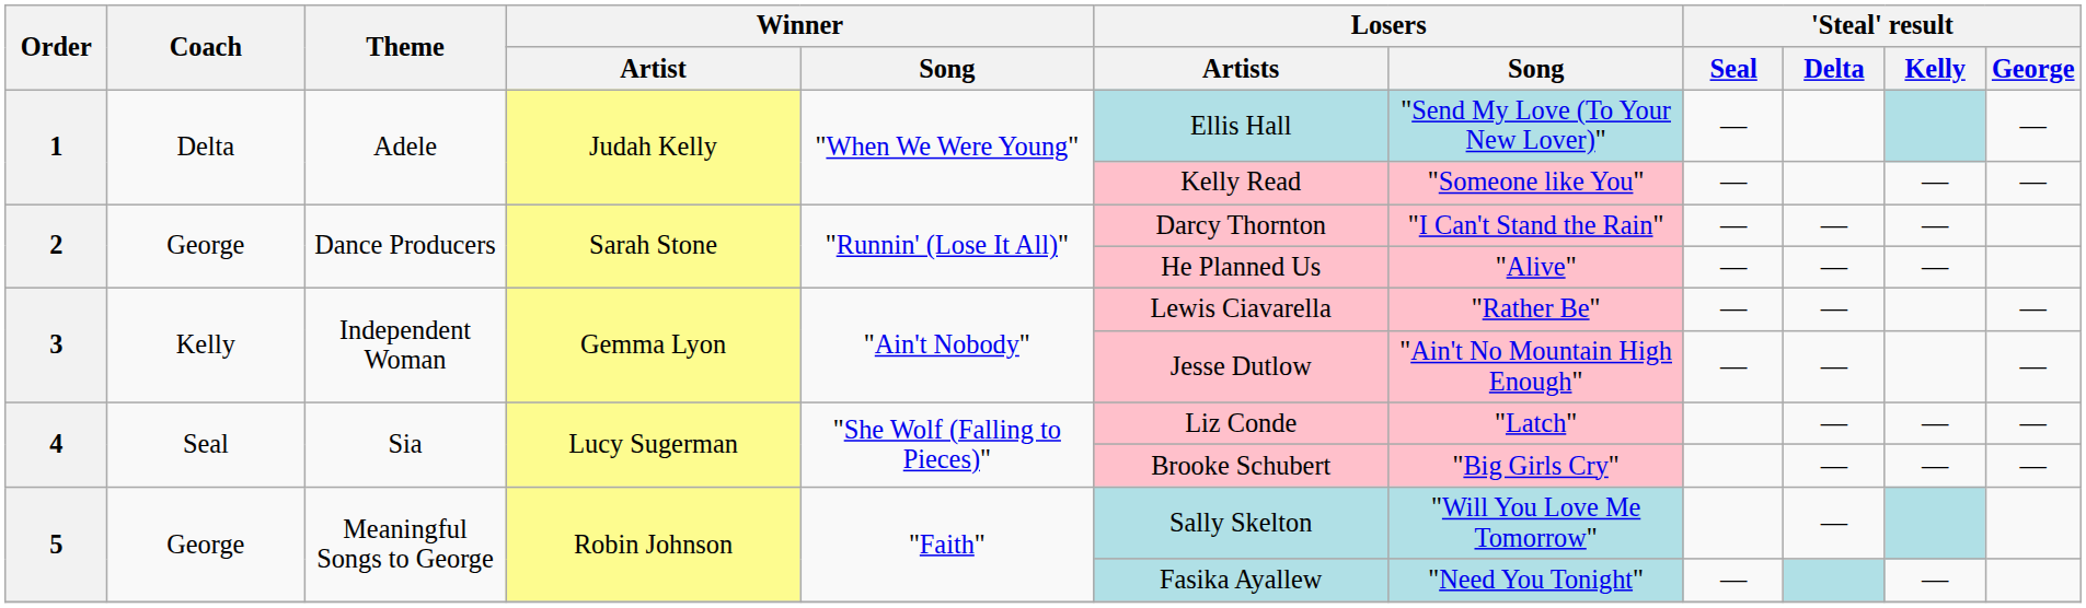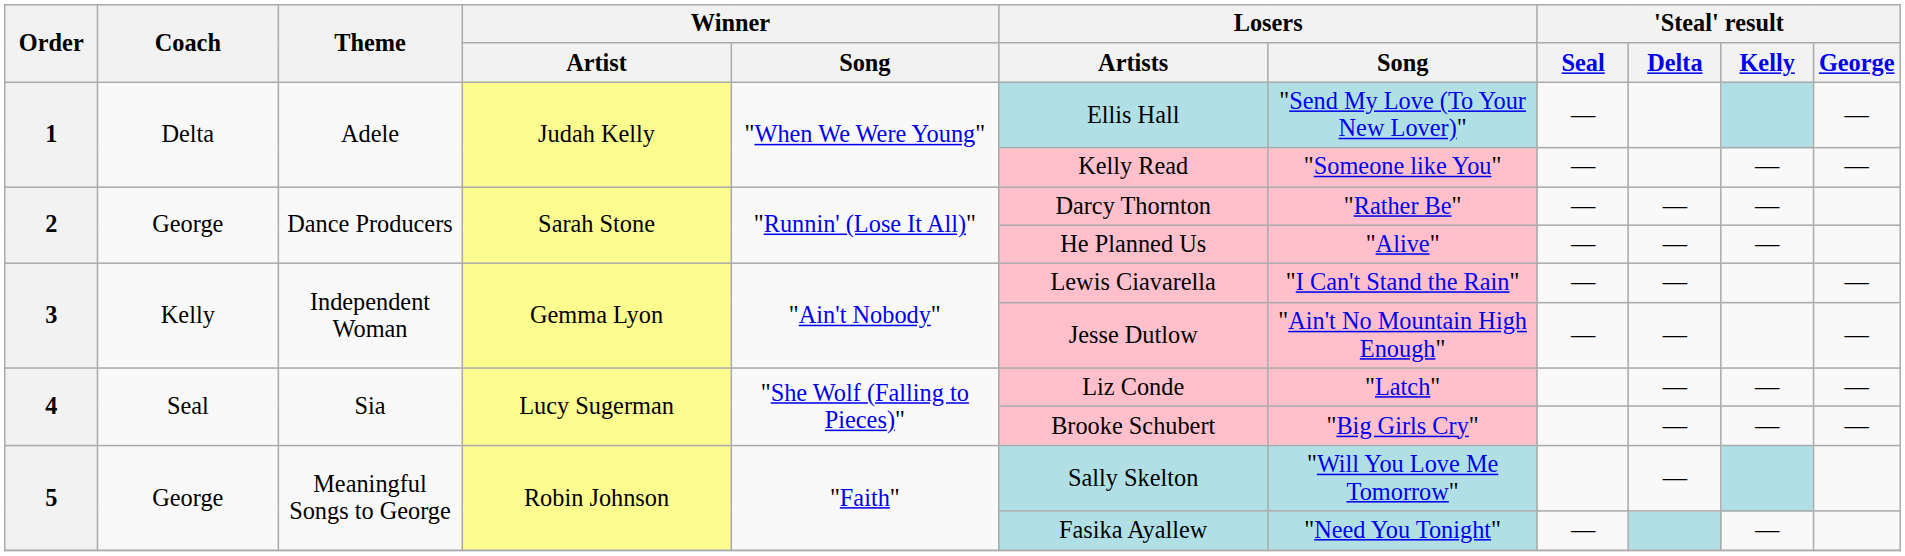 <table class="wikitable" style="text-align: center; width: auto;">
 <tr>
 <th rowspan="2" style="width:5%;">Order</th>
 <th rowspan="2" style="width:10%;">Coach</th>
 <th rowspan="2" style="width:10%;">Theme</th>
 <th colspan="2" style="width:15%;">Winner</th>
 <th colspan="2" style="width:60%;">Losers</th>
 <th colspan="4" style="width:20%;">'Steal' result</th>
 </tr>
 <tr>
 <th style="width:15%;">Artist</th>
 <th style="width:15%;">Song</th>
 <th style="width:15%;">Artists</th>
 <th style="width:15%;">Song</th>
 <th style="width:5%;"><a href='#'>Seal</a></th>
 <th style="width:5%;"><a href='#'>Delta</a></th>
 <th style="width:5%;"><a href='#'>Kelly</a></th>
 <th style="width:5%;"><a href='#'>George</a></th>
 </tr>
 <tr>
 <th rowspan="2">1</th>
 <td rowspan="2">Delta</td>
 <td rowspan="2">Adele</td>
 <td rowspan="2" bgcolor="#fdfc8f">Judah Kelly</td>
 <td rowspan="2">"<a href='#'>When We Were Young</a>"</td>
 <td bgcolor="#B0E0E6">Ellis Hall</td>
 <td bgcolor="#B0E0E6">"<a href='#'>Send My Love (To Your New Lover)</a>"</td>
 <td>—</td>
 <td></td>
 <td style="background-color:#B0E0E6;"> <strong></strong> </td>
 <td>—</td>
 </tr>
 <tr>
 <td bgcolor="pink">Kelly Read</td>
 <td bgcolor="pink">"<a href='#'>Someone like You</a>"</td>
 <td>—</td>
 <td></td>
 <td>—</td>
 <td>—</td>
 </tr>
 <tr>
 <th rowspan="2">2</th>
 <td rowspan="2">George</td>
 <td rowspan="2">Dance Producers</td>
 <td rowspan="2" bgcolor="#fdfc8f">Sarah Stone</td>
 <td rowspan="2">"<a href='#'>Runnin' (Lose It All)</a>"</td>
 <td bgcolor="pink">Darcy Thornton</td>
-<td bgcolor="pink">"<a href='#'>I Can't Stand the Rain</a>"</td>
+<td bgcolor="pink">"<a href='#'>Rather Be</a>"</td>
 <td>—</td>
 <td>—</td>
 <td>—</td>
 <td></td>
 </tr>
 <tr>
 <td bgcolor="pink">He Planned Us</td>
 <td bgcolor="pink">"<a href='#'>Alive</a>"</td>
 <td>—</td>
 <td>—</td>
 <td>—</td>
 <td></td>
 </tr>
 <tr>
 <th rowspan="2">3</th>
 <td rowspan="2">Kelly</td>
 <td rowspan="2">Independent Woman</td>
 <td rowspan="2" bgcolor="#fdfc8f">Gemma Lyon</td>
 <td rowspan="2">"<a href='#'>Ain't Nobody</a>"</td>
 <td bgcolor="pink">Lewis Ciavarella</td>
-<td bgcolor="pink">"<a href='#'>Rather Be</a>"</td>
+<td bgcolor="pink">"<a href='#'>I Can't Stand the Rain</a>"</td>
 <td>—</td>
 <td>—</td>
 <td></td>
 <td>—</td>
 </tr>
 <tr>
 <td bgcolor="pink">Jesse Dutlow</td>
 <td bgcolor="pink">"<a href='#'>Ain't No Mountain High Enough</a>"</td>
 <td>—</td>
 <td>—</td>
 <td></td>
 <td>—</td>
 </tr>
 <tr>
 <th rowspan="2">4</th>
 <td rowspan="2">Seal</td>
 <td rowspan="2">Sia</td>
 <td rowspan="2" bgcolor="#fdfc8f">Lucy Sugerman</td>
 <td rowspan="2">"<a href='#'>She Wolf (Falling to Pieces)</a>"</td>
 <td bgcolor="pink">Liz Conde</td>
 <td bgcolor="pink">"<a href='#'>Latch</a>"</td>
 <td></td>
 <td>—</td>
 <td>—</td>
 <td>—</td>
 </tr>
 <tr>
 <td bgcolor="pink">Brooke Schubert</td>
 <td bgcolor="pink">"<a href='#'>Big Girls Cry</a>"</td>
 <td></td>
 <td>—</td>
 <td>—</td>
 <td>—</td>
 </tr>
 <tr>
 <th rowspan="2">5</th>
 <td rowspan="2">George</td>
 <td rowspan="2">Meaningful Songs to George</td>
 <td rowspan="2" bgcolor="#fdfc8f">Robin Johnson</td>
 <td rowspan="2">"<a href='#'>Faith</a>"</td>
 <td bgcolor="#B0E0E6">Sally Skelton</td>
 <td bgcolor="#B0E0E6">"<a href='#'>Will You Love Me Tomorrow</a>"</td>
 <td> <strong></strong> </td>
 <td>—</td>
 <td style="background-color:#B0E0E6;"> <strong></strong> </td>
 <td></td>
 </tr>
 <tr>
 <td bgcolor="#B0E0E6">Fasika Ayallew</td>
 <td bgcolor="#B0E0E6">"<a href='#'>Need You Tonight</a>"</td>
 <td>—</td>
 <td style="background-color:#B0E0E6;"> <strong></strong> </td>
 <td>—</td>
 <td></td>
 </tr>
 <tr>
 </tr>
 </table>
